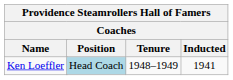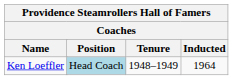 <table class="wikitable" style="text-align:center">
 <tr>
 <th colspan="5">Providence Steamrollers Hall of Famers</th>
 </tr>
 <tr>
 <th colspan="5">Coaches</th>
 </tr>
 <tr>
 <th colspan=2>Name</th>
 <th>Position</th>
 <th>Tenure</th>
 <th>Inducted</th>
 </tr>
 <tr>
 <td colspan=2><a href='#'>Ken Loeffler</a></td>
 <td style="background: lightblue;">Head Coach</td>
 <td>1948–1949</td>
-<td>1941</td>
+<td>1964</td>
 </tr>
 </table>
